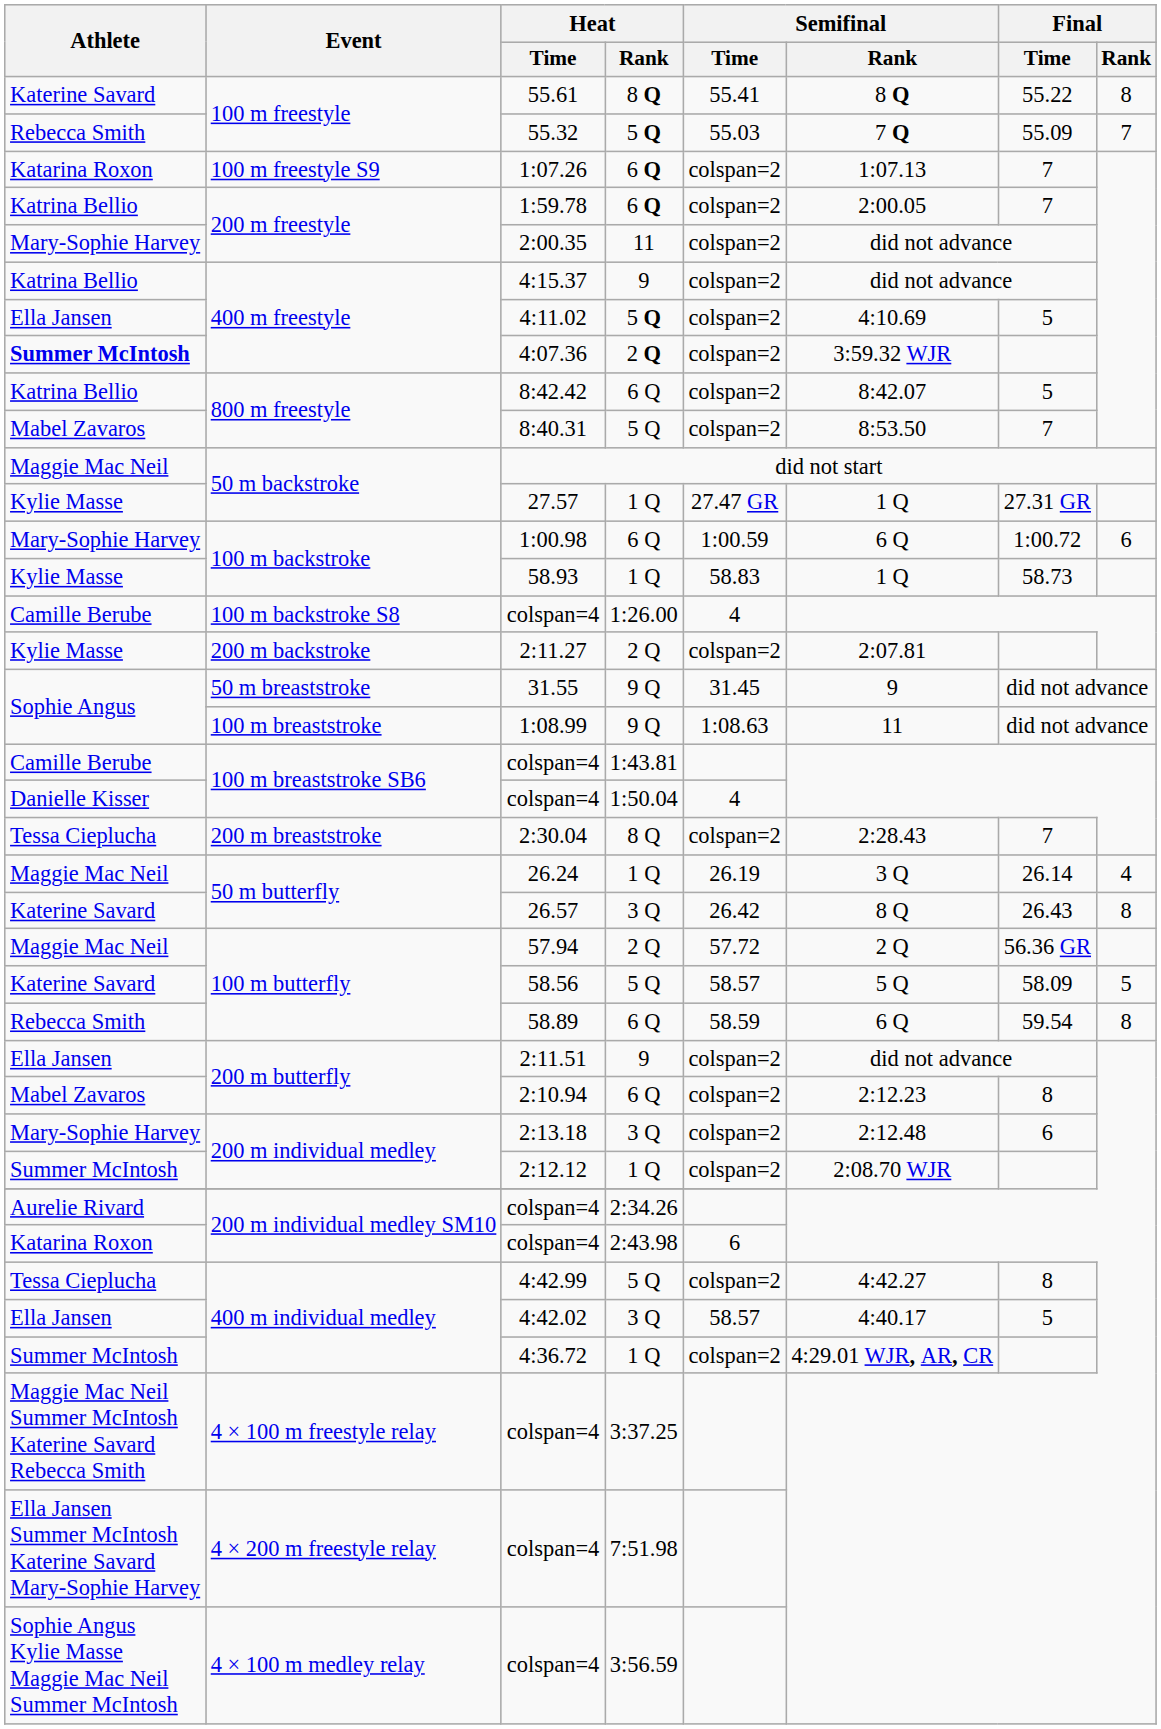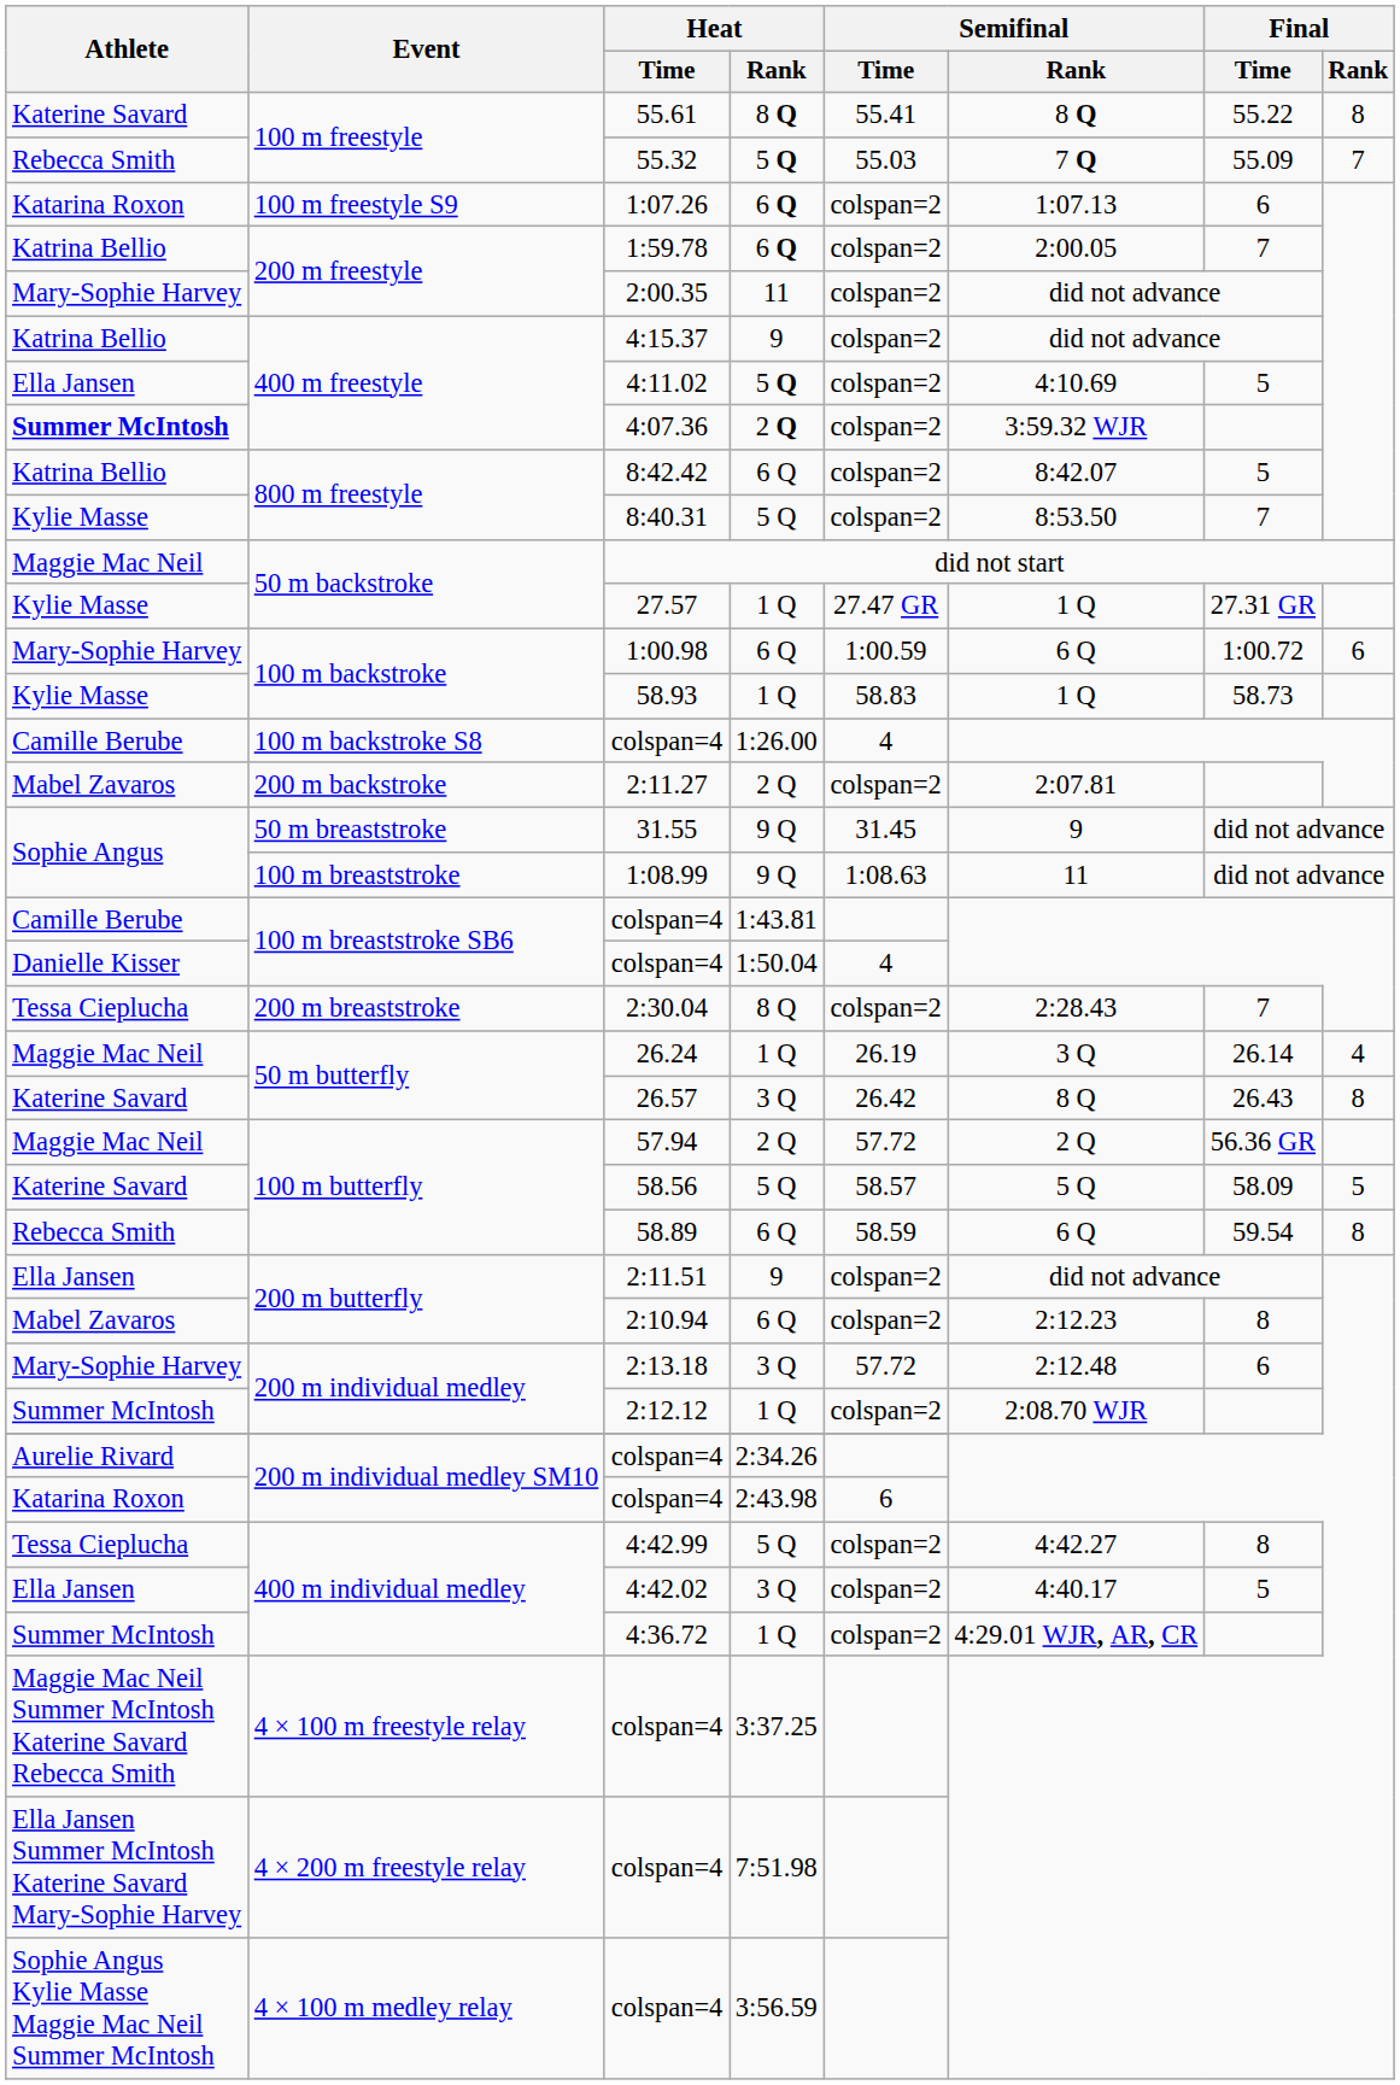 <table class=wikitable style=font-size:90%>
 <tr>
 <th rowspan=2>Athlete</th>
 <th rowspan=2>Event</th>
 <th colspan=2>Heat</th>
 <th colspan=2>Semifinal</th>
 <th colspan=2>Final</th>
 </tr>
 <tr style=font-size:95%>
 <th>Time</th>
 <th>Rank</th>
 <th>Time</th>
 <th>Rank</th>
 <th>Time</th>
 <th>Rank</th>
 </tr>
 <tr align=center>
 <td align=left><a href='#'>Katerine Savard</a></td>
 <td align=left rowspan="2"><a href='#'>100 m freestyle</a></td>
 <td>55.61</td>
 <td>8 <strong>Q</strong></td>
 <td>55.41</td>
 <td>8 <strong>Q</strong></td>
 <td>55.22</td>
 <td>8</td>
 </tr>
 <tr align=center>
 <td align=left><a href='#'>Rebecca Smith</a></td>
 <td>55.32</td>
 <td>5 <strong>Q</strong></td>
 <td>55.03</td>
 <td>7 <strong>Q</strong></td>
 <td>55.09</td>
 <td>7</td>
 </tr>
 <tr align=center>
 <td align=left><a href='#'>Katarina Roxon</a></td>
 <td align=left><a href='#'>100 m freestyle S9</a></td>
 <td>1:07.26</td>
 <td>6 <strong>Q</strong></td>
 <td>colspan=2 </td>
 <td>1:07.13</td>
-<td>7</td>
+<td>6</td>
 </tr>
 <tr align=center>
 <td align=left><a href='#'>Katrina Bellio</a></td>
 <td align=left rowspan="2"><a href='#'>200 m freestyle</a></td>
 <td>1:59.78</td>
 <td>6 <strong>Q</strong></td>
 <td>colspan=2 </td>
 <td>2:00.05</td>
 <td>7</td>
 </tr>
 <tr align=center>
 <td align=left><a href='#'>Mary-Sophie Harvey</a></td>
 <td>2:00.35</td>
 <td>11</td>
 <td>colspan=2 </td>
 <td colspan=2>did not advance</td>
 </tr>
 <tr align=center>
 <td align=left><a href='#'>Katrina Bellio</a></td>
 <td align=left rowspan="3"><a href='#'>400 m freestyle</a></td>
 <td>4:15.37</td>
 <td>9</td>
 <td>colspan=2 </td>
 <td colspan=2>did not advance</td>
 </tr>
 <tr align=center>
 <td align=left><a href='#'>Ella Jansen</a></td>
 <td>4:11.02</td>
 <td>5 <strong>Q</strong></td>
 <td>colspan=2 </td>
 <td>4:10.69</td>
 <td>5</td>
 </tr>
 <tr align=center>
 <td align=left><strong><a href='#'>Summer McIntosh</a></strong></td>
 <td>4:07.36</td>
 <td>2 <strong>Q<em></td>
 <td>colspan=2 </td>
 <td>3:59.32 </strong><a href='#'>WJR</a><strong></td>
 <td></td>
 </tr>
 <tr align=center>
 <td align=left><a href='#'>Katrina Bellio</a></td>
 <td align=left rowspan="2"><a href='#'>800 m freestyle</a></td>
 <td>8:42.42</td>
 <td>6 </strong>Q<strong></td>
 <td>colspan=2 </td>
 <td>8:42.07</td>
 <td>5</td>
 </tr>
 <tr align=center>
-<td align=left><a href='#'>Mabel Zavaros</a></td>
+<td align=left><a href='#'>Kylie Masse</a></td>
 <td>8:40.31</td>
 <td>5 </strong>Q<strong></td>
 <td>colspan=2 </td>
 <td>8:53.50</td>
 <td>7</td>
 </tr>
 <tr align=center>
 <td align=left><a href='#'>Maggie Mac Neil</a></td>
 <td align=left rowspan="2"><a href='#'>50 m backstroke</a></td>
 <td colspan=6>did not start</td>
 </tr>
 <tr align=center>
 <td align=left></strong><a href='#'>Kylie Masse</a><strong></td>
 <td>27.57</td>
 <td>1 </strong>Q<strong></td>
 <td>27.47 </strong><a href='#'>GR</a><strong></td>
 <td>1 </strong>Q<strong></td>
 <td>27.31 </strong><a href='#'>GR</a><strong></td>
 <td></td>
 </tr>
 <tr align=center>
 <td align=left><a href='#'>Mary-Sophie Harvey</a></td>
 <td align=left rowspan="2"><a href='#'>100 m backstroke</a></td>
 <td>1:00.98</td>
 <td>6 </strong>Q<strong></td>
 <td>1:00.59</td>
 <td>6 </strong>Q<strong></td>
 <td>1:00.72</td>
 <td>6</td>
 </tr>
 <tr align=center>
 <td align=left></strong><a href='#'>Kylie Masse</a><strong></td>
 <td>58.93</td>
 <td>1 </strong>Q<strong></td>
 <td>58.83</td>
 <td>1 </strong>Q<strong></td>
 <td>58.73</td>
 <td></td>
 </tr>
 <tr align=center>
 <td align=left><a href='#'>Camille Berube</a></td>
 <td align=left><a href='#'>100 m backstroke S8</a></td>
 <td>colspan=4 </td>
 <td>1:26.00</td>
 <td>4</td>
 </tr>
 <tr align=center>
-<td align=left><a href='#'>Kylie Masse</a></td>
+<td align=left><a href='#'>Mabel Zavaros</a></td>
 <td align=left><a href='#'>200 m backstroke</a></td>
 <td>2:11.27</td>
 <td>2 </strong>Q<strong></td>
 <td>colspan=2 </td>
 <td>2:07.81</td>
 <td></td>
 </tr>
 <tr align=center>
 <td align=left rowspan=2><a href='#'>Sophie Angus</a></td>
 <td align=left><a href='#'>50 m breaststroke</a></td>
 <td>31.55</td>
 <td>9 </strong>Q<strong></td>
 <td>31.45</td>
 <td>9</td>
 <td colspan=2>did not advance</td>
 </tr>
 <tr align=center>
 <td align=left><a href='#'>100 m breaststroke</a></td>
 <td>1:08.99</td>
 <td>9 </strong>Q<strong></td>
 <td>1:08.63</td>
 <td>11</td>
 <td colspan=2>did not advance</td>
 </tr>
 <tr align=center>
 <td align=left></strong><a href='#'>Camille Berube</a><strong></td>
 <td align=left rowspan=2><a href='#'>100 m breaststroke SB6</a></td>
 <td>colspan=4 </td>
 <td>1:43.81</td>
 <td></td>
 </tr>
 <tr align=center>
 <td align=left><a href='#'>Danielle Kisser</a></td>
 <td>colspan=4 </td>
 <td>1:50.04</td>
 <td>4</td>
 </tr>
 <tr align=center>
 <td align=left><a href='#'>Tessa Cieplucha</a></td>
 <td align=left><a href='#'>200 m breaststroke</a></td>
 <td>2:30.04</td>
 <td>8 </strong>Q<strong></td>
 <td>colspan=2 </td>
 <td>2:28.43</td>
 <td>7</td>
 </tr>
 <tr align=center>
 <td align=left><a href='#'>Maggie Mac Neil</a></td>
 <td align=left rowspan="2"><a href='#'>50 m butterfly</a></td>
 <td>26.24</td>
 <td>1 </strong>Q<strong></td>
 <td>26.19</td>
 <td>3 </strong>Q<strong></td>
 <td>26.14</td>
 <td>4</td>
 </tr>
 <tr align=center>
 <td align=left><a href='#'>Katerine Savard</a></td>
 <td>26.57</td>
 <td>3 </strong>Q<strong></td>
 <td>26.42</td>
 <td>8 </strong>Q<strong></td>
 <td>26.43</td>
 <td>8</td>
 </tr>
 <tr align=center>
 <td align=left></strong><a href='#'>Maggie Mac Neil</a><strong></td>
 <td align=left rowspan="3"><a href='#'>100 m butterfly</a></td>
 <td>57.94</td>
 <td>2 </strong>Q<strong></td>
 <td>57.72</td>
 <td>2 </strong>Q<strong></td>
 <td>56.36 </strong><a href='#'>GR</a><strong></td>
 <td></td>
 </tr>
 <tr align=center>
 <td align=left><a href='#'>Katerine Savard</a></td>
 <td>58.56</td>
 <td>5 </strong>Q<strong></td>
 <td>58.57</td>
 <td>5 </strong>Q<strong></td>
 <td>58.09</td>
 <td>5</td>
 </tr>
 <tr align=center>
 <td align=left><a href='#'>Rebecca Smith</a></td>
 <td>58.89</td>
 <td>6 </strong>Q<strong></td>
 <td>58.59</td>
 <td>6 </strong>Q<strong></td>
 <td>59.54</td>
 <td>8</td>
 </tr>
 <tr align=center>
 <td align=left><a href='#'>Ella Jansen</a></td>
 <td align=left rowspan="2"><a href='#'>200 m butterfly</a></td>
 <td>2:11.51</td>
 <td>9</td>
 <td>colspan=2 </td>
 <td colspan=2>did not advance</td>
 </tr>
 <tr align=center>
 <td align=left><a href='#'>Mabel Zavaros</a></td>
 <td>2:10.94</td>
 <td>6 </strong>Q<strong></td>
 <td>colspan=2 </td>
 <td>2:12.23</td>
 <td>8</td>
 </tr>
 <tr align=center>
 <td align=left><a href='#'>Mary-Sophie Harvey</a></td>
 <td align=left rowspan="2"><a href='#'>200 m individual medley</a></td>
 <td>2:13.18</td>
 <td>3 </strong>Q<strong></td>
-<td>colspan=2 </td>
+<td>57.72</td>
 <td>2:12.48</td>
 <td>6</td>
 </tr>
 <tr align=center>
 <td align=left></strong><a href='#'>Summer McIntosh</a><strong></td>
 <td>2:12.12</td>
 <td>1 </strong>Q<strong></td>
 <td>colspan=2 </td>
 <td>2:08.70 </strong><a href='#'>WJR</a><strong></td>
 <td></td>
 </tr>
 <tr align=center>
 </tr>
 <tr align=center>
 <td align=left></strong><a href='#'>Aurelie Rivard</a><strong></td>
 <td align=left rowspan="2"><a href='#'>200 m individual medley SM10</a></td>
 <td>colspan=4 </td>
 <td>2:34.26</td>
 <td></td>
 </tr>
 <tr align=center>
 <td align=left><a href='#'>Katarina Roxon</a></td>
 <td>colspan=4 </td>
 <td>2:43.98</td>
 <td>6</td>
 </tr>
 <tr align=center>
 <td align=left><a href='#'>Tessa Cieplucha</a></td>
 <td align=left rowspan="3"><a href='#'>400 m individual medley</a></td>
 <td>4:42.99</td>
 <td>5 </strong>Q<strong></td>
 <td>colspan=2 </td>
 <td>4:42.27</td>
 <td>8</td>
 </tr>
 <tr align=center>
 <td align=left><a href='#'>Ella Jansen</a></td>
 <td>4:42.02</td>
 <td>3 </strong>Q<strong></td>
-<td>58.57</td>
+<td>colspan=2 </td>
 <td>4:40.17</td>
 <td>5</td>
 </tr>
 <tr align=center>
 <td align=left></strong><a href='#'>Summer McIntosh</a><strong></td>
 <td>4:36.72</td>
 <td>1 </strong>Q<strong></td>
 <td>colspan=2 </td>
 <td>4:29.01 </strong><a href='#'>WJR</a><strong>, </strong><a href='#'>AR</a><strong>, </strong><a href='#'>CR</a><strong></td>
 <td></td>
 </tr>
 <tr align=center>
 <td align=left></strong><a href='#'>Maggie Mac Neil</a><br><a href='#'>Summer McIntosh</a><br><a href='#'>Katerine Savard</a><br><a href='#'>Rebecca Smith</a><strong></td>
 <td align=left><a href='#'>4 × 100 m freestyle relay</a></td>
 <td>colspan=4 </td>
 <td>3:37.25</td>
 <td></td>
 </tr>
 <tr align=center>
 <td align=left></strong><a href='#'>Ella Jansen</a><br><a href='#'>Summer McIntosh</a><br><a href='#'>Katerine Savard</a><br><a href='#'>Mary-Sophie Harvey</a><strong></td>
 <td align=left><a href='#'>4 × 200 m freestyle relay</a></td>
 <td>colspan=4 </td>
 <td>7:51.98</td>
 <td></td>
 </tr>
 <tr align=center>
 <td align=left></strong><a href='#'>Sophie Angus</a><br><a href='#'>Kylie Masse</a><br><a href='#'>Maggie Mac Neil</a><br><a href='#'>Summer McIntosh</a><strong></td>
 <td align=left><a href='#'>4 × 100 m medley relay</a></td>
 <td>colspan=4 </td>
 <td>3:56.59</td>
 <td></td>
 </tr>
 </table>
